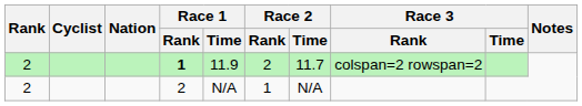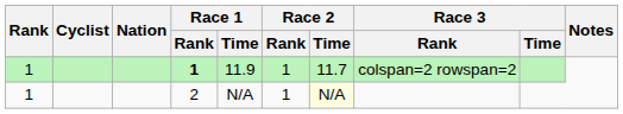 <table class="wikitable sortable" style="text-align:center">
 <tr>
 <th rowspan=2>Rank</th>
 <th rowspan=2>Cyclist</th>
 <th rowspan=2>Nation</th>
 <th colspan=2>Race 1</th>
 <th colspan=2>Race 2</th>
 <th colspan=2>Race 3</th>
 <th rowspan=2>Notes</th>
 </tr>
 <tr>
 <th>Rank</th>
 <th>Time</th>
 <th>Rank</th>
 <th>Time</th>
 <th>Rank</th>
 <th>Time</th>
 </tr>
 <tr bgcolor=bbf3bb>
-<td>2</td>
+<td>1</td>
 <td align=left></td>
 <td align=left></td>
 <td><strong>1</strong></td>
 <td>11.9</td>
-<td>2</td>
+<td>1</td>
 <td>11.7</td>
 <td>colspan=2 rowspan=2 </td>
 <td></td>
 </tr>
 <tr>
-<td>2</td>
+<td>1</td>
 <td align=left></td>
 <td align=left></td>
 <td>2</td>
 <td>N/A</td>
 <td>1</td>
-<td>N/A</td>
+<td style="background: lightyellow;">N/A</td>
 <td></td>
 </tr>
 </table>
